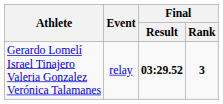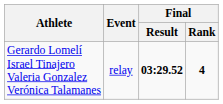 <table class="wikitable" align="center">
 <tr>
 <th rowspan="2">Athlete</th>
 <th rowspan="2">Event</th>
 <th colspan="2">Final</th>
 </tr>
 <tr>
 <th>Result</th>
 <th>Rank</th>
 </tr>
 <tr align="center">
 <td align="left"><a href='#'>Gerardo Lomelí</a><br><a href='#'>Israel Tinajero</a><br><a href='#'>Valeria Gonzalez</a><br><a href='#'>Verónica Talamanes</a></td>
 <td><a href='#'> relay</a></td>
 <td><strong>03:29.52</strong></td>
-<td><strong>3</strong></td>
+<td><strong>4</strong></td>
 </tr>
 </table>
